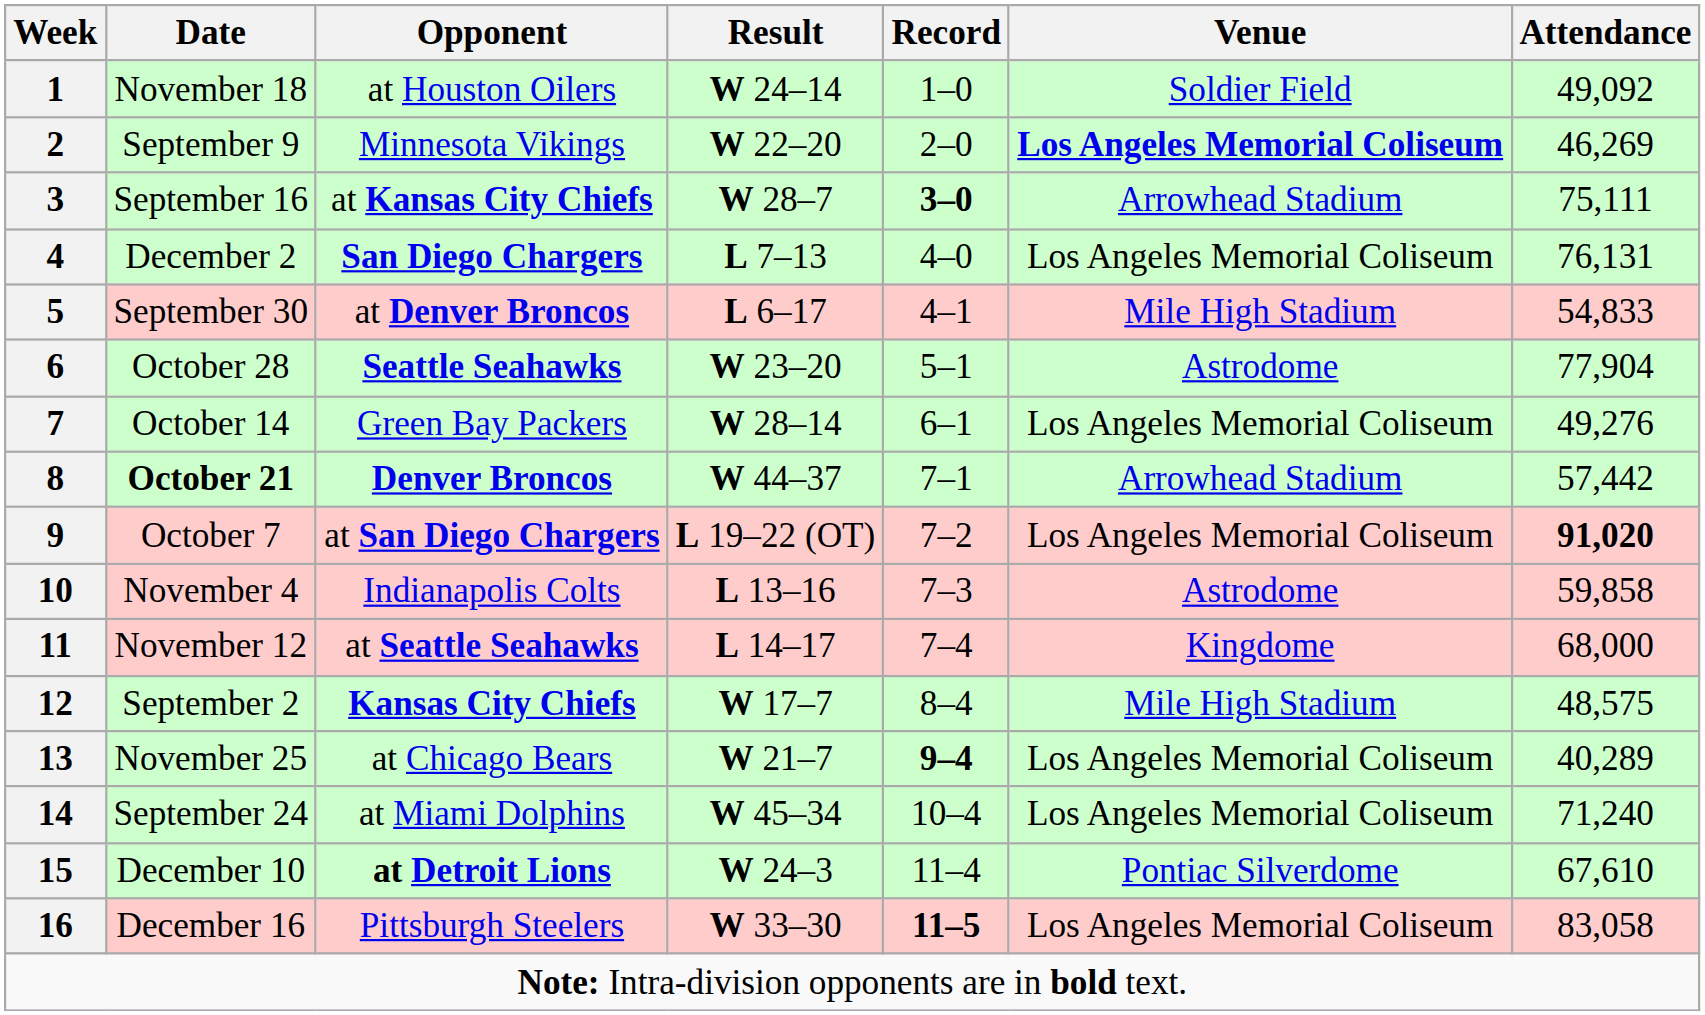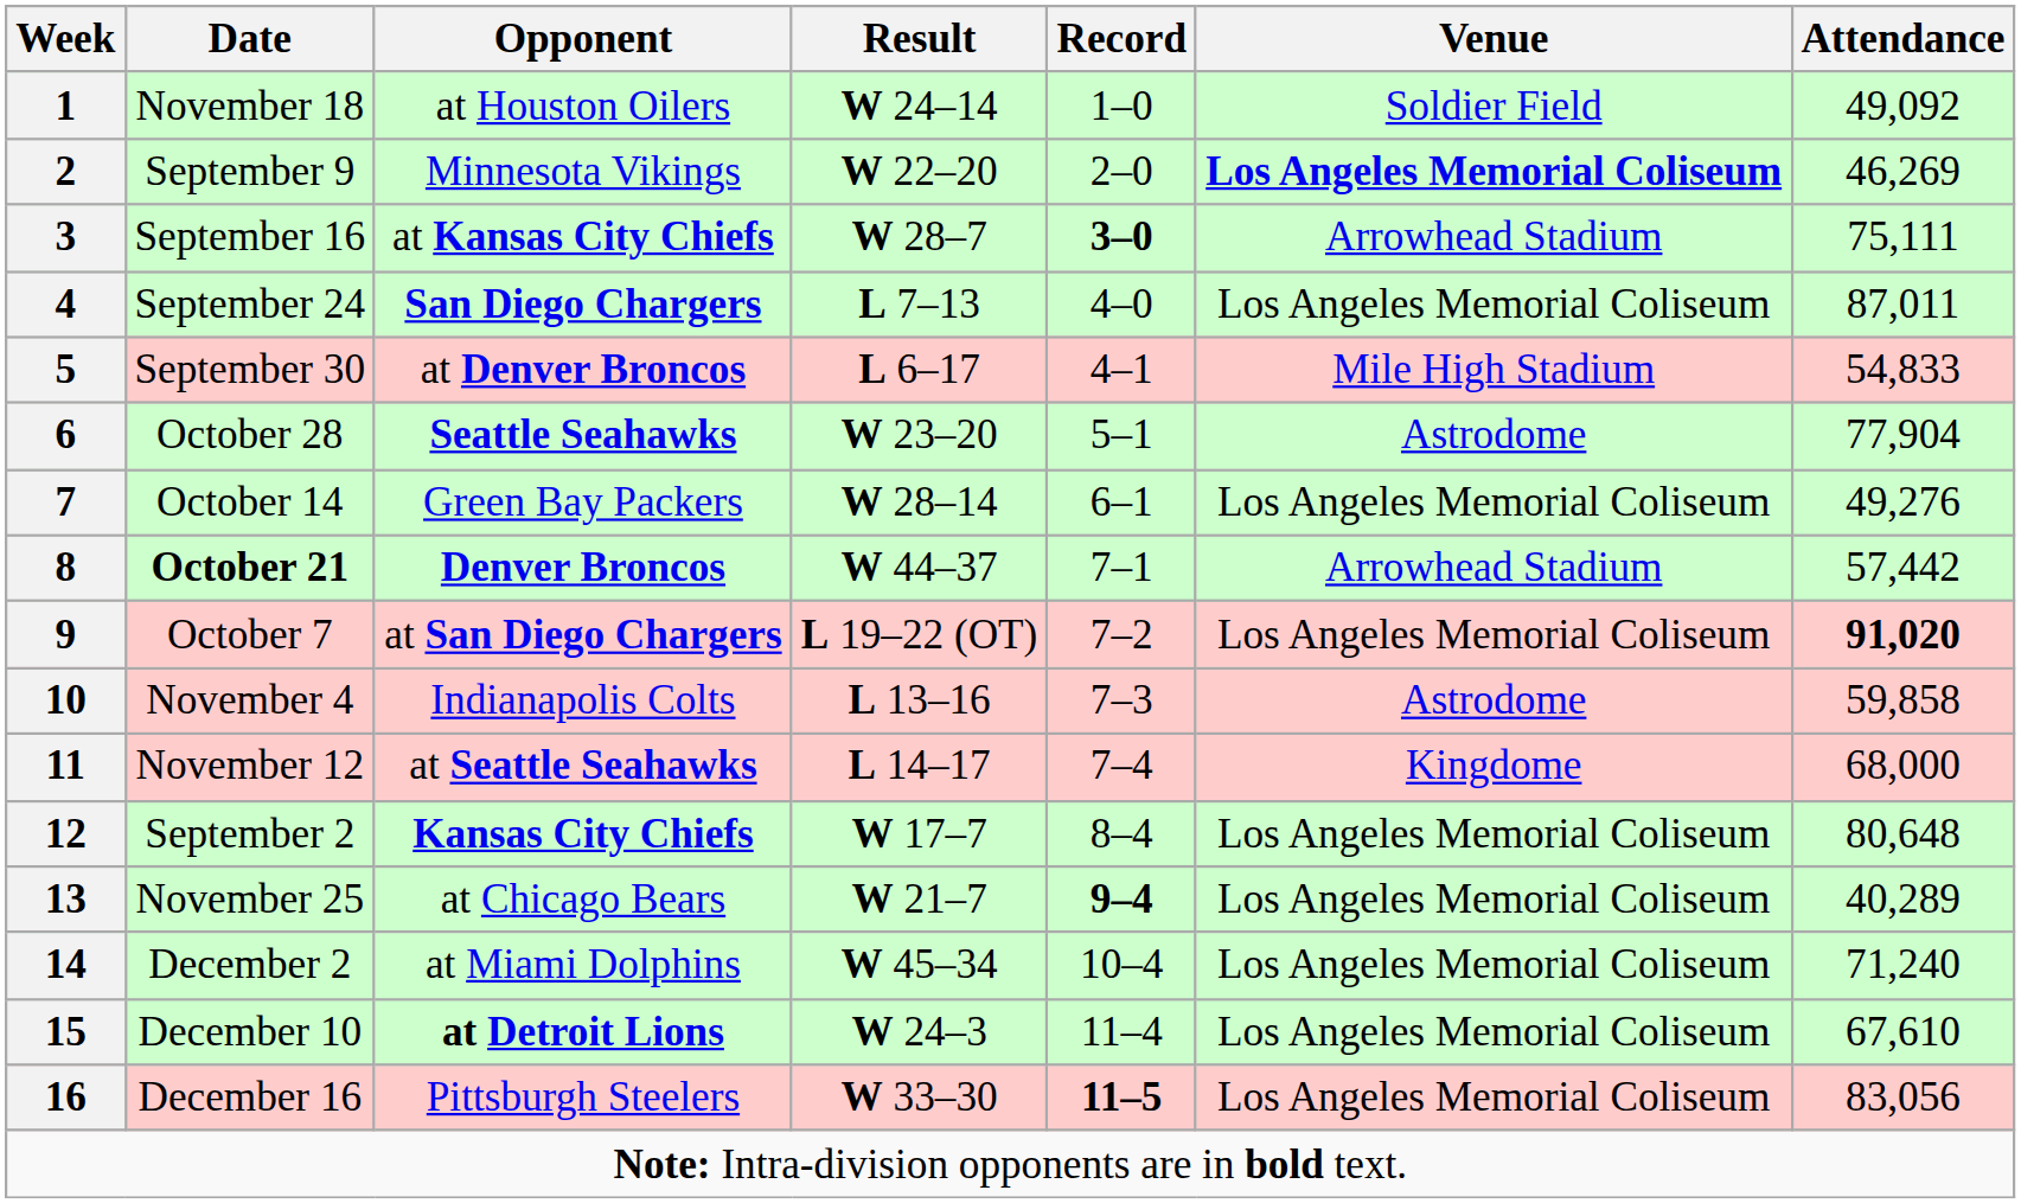 <table class="wikitable" style="text-align:center">
 <tr>
 <th>Week</th>
 <th>Date</th>
 <th>Opponent</th>
 <th>Result</th>
 <th>Record</th>
 <th>Venue</th>
 <th>Attendance</th>
 </tr>
 <tr style="background:#cfc">
 <th>1</th>
 <td>November 18</td>
 <td>at <a href='#'>Houston Oilers</a></td>
 <td><strong>W</strong> 24–14</td>
 <td>1–0</td>
 <td><a href='#'>Soldier Field</a></td>
 <td>49,092</td>
 </tr>
 <tr style="background:#cfc">
 <th>2</th>
 <td>September 9</td>
 <td><a href='#'>Minnesota Vikings</a></td>
 <td><strong>W</strong> 22–20</td>
 <td>2–0</td>
 <td><strong><a href='#'>Los Angeles Memorial Coliseum</a></strong></td>
 <td>46,269</td>
 </tr>
 <tr style="background:#cfc">
 <th>3</th>
 <td>September 16</td>
 <td>at <strong><a href='#'>Kansas City Chiefs</a></strong></td>
 <td><strong>W</strong> 28–7</td>
 <td><strong>3–0</strong></td>
 <td><a href='#'>Arrowhead Stadium</a></td>
 <td>75,111</td>
 </tr>
 <tr style="background:#cfc">
 <th>4</th>
-<td>December 2</td>
+<td>September 24</td>
 <td><strong><a href='#'>San Diego Chargers</a></strong></td>
 <td><strong>L</strong> 7–13</td>
 <td>4–0</td>
 <td>Los Angeles Memorial Coliseum</td>
-<td>76,131</td>
+<td>87,011</td>
 </tr>
 <tr style="background:#fcc">
 <th>5</th>
 <td>September 30</td>
 <td>at <strong><a href='#'>Denver Broncos</a></strong></td>
 <td><strong>L</strong> 6–17</td>
 <td>4–1</td>
 <td><a href='#'>Mile High Stadium</a></td>
 <td>54,833</td>
 </tr>
 <tr style="background:#cfc">
 <th>6</th>
 <td>October 28</td>
 <td><strong><a href='#'>Seattle Seahawks</a></strong></td>
 <td><strong>W</strong> 23–20</td>
 <td>5–1</td>
 <td><a href='#'>Astrodome</a></td>
 <td>77,904</td>
 </tr>
 <tr style="background:#cfc">
 <th>7</th>
 <td>October 14</td>
 <td><a href='#'>Green Bay Packers</a></td>
 <td><strong>W</strong> 28–14</td>
 <td>6–1</td>
 <td>Los Angeles Memorial Coliseum</td>
 <td>49,276</td>
 </tr>
 <tr style="background:#cfc">
 <th>8</th>
 <td><strong>October 21</strong></td>
 <td><strong><a href='#'>Denver Broncos</a></strong></td>
 <td><strong>W</strong> 44–37</td>
 <td>7–1</td>
 <td><a href='#'>Arrowhead Stadium</a></td>
 <td>57,442</td>
 </tr>
 <tr style="background:#fcc">
 <th>9</th>
 <td>October 7</td>
 <td>at <strong><a href='#'>San Diego Chargers</a></strong></td>
 <td><strong>L</strong> 19–22 (OT)</td>
 <td>7–2</td>
 <td>Los Angeles Memorial Coliseum</td>
 <td><strong>91,020</strong></td>
 </tr>
 <tr style="background:#fcc">
 <th>10</th>
 <td>November 4</td>
 <td><a href='#'>Indianapolis Colts</a></td>
 <td><strong>L</strong> 13–16</td>
 <td>7–3</td>
 <td><a href='#'>Astrodome</a></td>
 <td>59,858</td>
 </tr>
 <tr style="background:#fcc">
 <th>11</th>
 <td>November 12</td>
 <td>at <strong><a href='#'>Seattle Seahawks</a></strong></td>
 <td><strong>L</strong> 14–17</td>
 <td>7–4</td>
 <td><a href='#'>Kingdome</a></td>
 <td>68,000</td>
 </tr>
 <tr style="background:#cfc">
 <th>12</th>
 <td>September 2</td>
 <td><strong><a href='#'>Kansas City Chiefs</a></strong></td>
 <td><strong>W</strong> 17–7</td>
 <td>8–4</td>
-<td><a href='#'>Mile High Stadium</a></td>
-<td>48,575</td>
+<td>Los Angeles Memorial Coliseum</td>
+<td>80,648</td>
 </tr>
 <tr style="background:#cfc">
 <th>13</th>
 <td>November 25</td>
 <td>at <a href='#'>Chicago Bears</a></td>
 <td><strong>W</strong> 21–7</td>
 <td><strong>9–4</strong></td>
 <td>Los Angeles Memorial Coliseum</td>
 <td>40,289</td>
 </tr>
 <tr style="background:#cfc">
 <th>14</th>
-<td>September 24</td>
+<td>December 2</td>
 <td>at <a href='#'>Miami Dolphins</a></td>
 <td><strong>W</strong> 45–34</td>
 <td>10–4</td>
 <td>Los Angeles Memorial Coliseum</td>
 <td>71,240</td>
 </tr>
 <tr style="background:#cfc">
 <th>15</th>
 <td>December 10</td>
 <td><strong>at <a href='#'>Detroit Lions</a></strong></td>
 <td><strong>W</strong> 24–3</td>
 <td>11–4</td>
-<td><a href='#'>Pontiac Silverdome</a></td>
+<td>Los Angeles Memorial Coliseum</td>
 <td>67,610</td>
 </tr>
 <tr style="background:#fcc">
 <th>16</th>
 <td>December 16</td>
 <td><a href='#'>Pittsburgh Steelers</a></td>
 <td><strong>W</strong> 33–30</td>
 <td><strong>11–5</strong></td>
 <td>Los Angeles Memorial Coliseum</td>
-<td>83,058</td>
+<td>83,056</td>
 </tr>
 <tr>
 <td colspan="8"><strong>Note:</strong> Intra-division opponents are in <strong>bold</strong> text.</td>
 </tr>
 </table>
